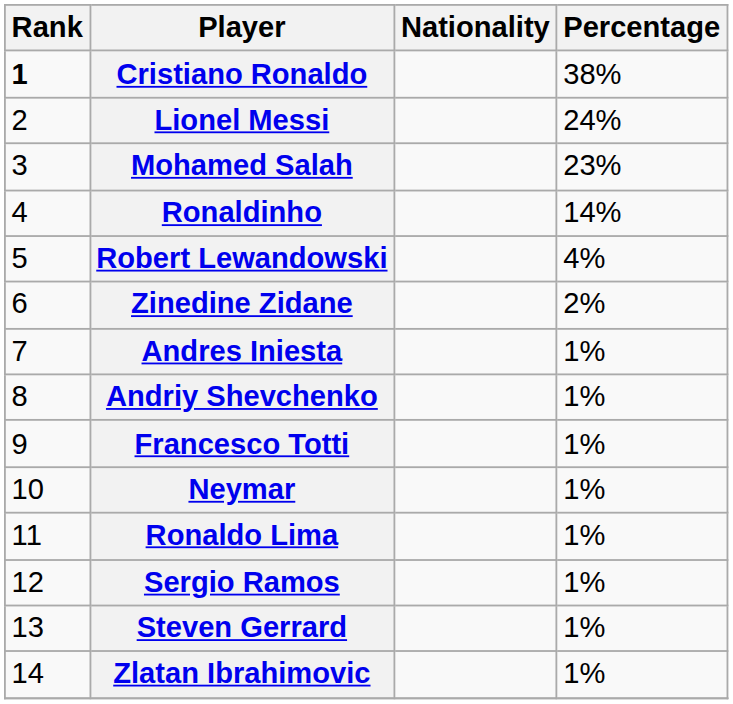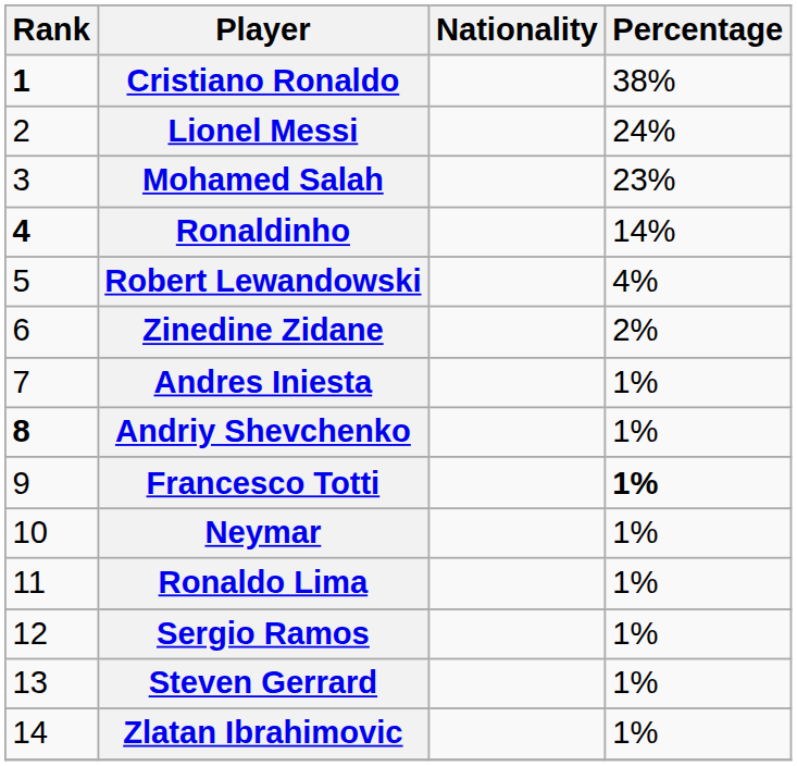 <table class="wikitable sortable">
 <tr>
 <th scope=col>Rank</th>
 <th scope=col>Player</th>
 <th scope=col>Nationality</th>
 <th scope=col>Percentage</th>
 </tr>
 <tr>
 <td><strong>1</strong></td>
 <th scope=row><a href='#'>Cristiano Ronaldo</a></th>
 <td></td>
 <td>38%</td>
 </tr>
 <tr>
 <td>2</td>
 <th scope=row><a href='#'>Lionel Messi</a></th>
 <td></td>
 <td>24%</td>
 </tr>
 <tr>
 <td>3</td>
 <th scope=row><a href='#'>Mohamed Salah</a></th>
 <td></td>
 <td>23%</td>
 </tr>
 <tr>
-<td>4</td>
+<td><strong>4</strong></td>
 <th scope=row><a href='#'>Ronaldinho </a></th>
 <td></td>
 <td>14%</td>
 </tr>
 <tr>
 <td>5</td>
 <th scope=row><a href='#'>Robert Lewandowski </a></th>
 <td></td>
 <td>4%</td>
 </tr>
 <tr>
 <td>6</td>
 <th scope=row><a href='#'>Zinedine Zidane </a></th>
 <td></td>
 <td>2%</td>
 </tr>
 <tr>
 <td>7</td>
 <th scope=row><a href='#'>Andres Iniesta </a></th>
 <td></td>
 <td>1%</td>
 </tr>
 <tr>
-<td>8</td>
+<td><strong>8</strong></td>
 <th scope=row><a href='#'>Andriy Shevchenko </a></th>
 <td></td>
 <td>1%</td>
 </tr>
 <tr>
 <td>9</td>
 <th scope=row><a href='#'>Francesco Totti </a></th>
 <td></td>
-<td>1%</td>
+<td><strong>1%</strong></td>
 </tr>
 <tr>
 <td>10</td>
 <th scope=row><a href='#'>Neymar</a></th>
 <td></td>
 <td>1%</td>
 </tr>
 <tr>
 <td>11</td>
 <th scope=row><a href='#'>Ronaldo Lima</a></th>
 <td></td>
 <td>1%</td>
 </tr>
 <tr>
 <td>12</td>
 <th scope=row><a href='#'>Sergio Ramos</a></th>
 <td></td>
 <td>1%</td>
 </tr>
 <tr>
 <td>13</td>
 <th scope=row><a href='#'>Steven Gerrard </a></th>
 <td></td>
 <td>1%</td>
 </tr>
 <tr>
 <td>14</td>
 <th scope=row><a href='#'>Zlatan Ibrahimovic </a></th>
 <td></td>
 <td>1%</td>
 </tr>
 <tr>
 </tr>
 </table>
